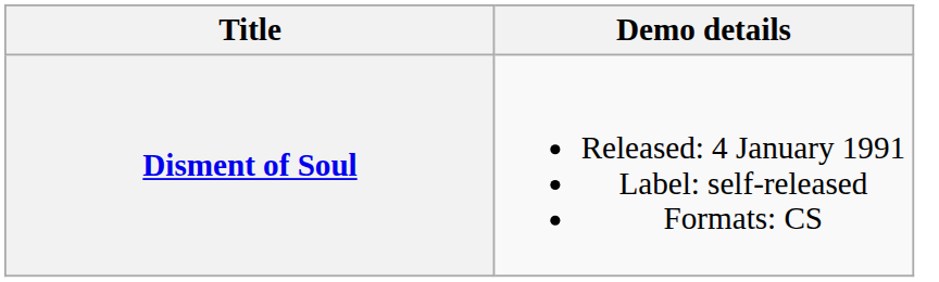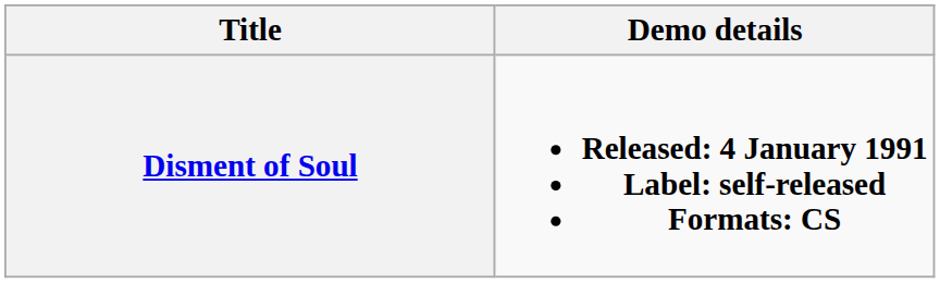 <table class="wikitable plainrowheaders" style="text-align:center;">
 <tr>
 <th scope="col" style="width:15em;">Title</th>
 <th scope="col">Demo details</th>
 </tr>
 <tr>
 <th scope="row"><a href='#'>Disment of Soul</a></th>
-<td><br><ul><li>Released: 4 January 1991</li><li>Label: self-released</li><li>Formats: CS</li></ul></td>
+<td><strong><br><ul><li>Released: 4 January 1991</li><li>Label: self-released</li><li>Formats: CS</li></ul></strong></td>
 </tr>
 </table>
